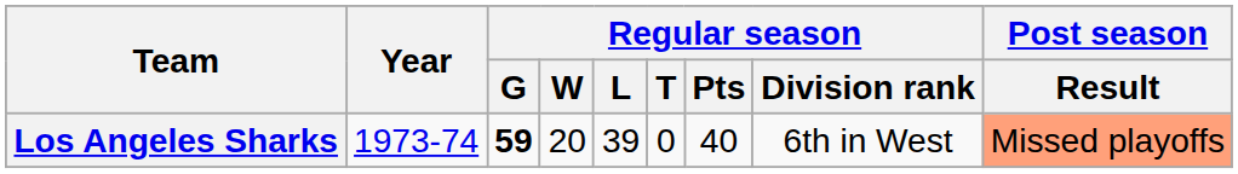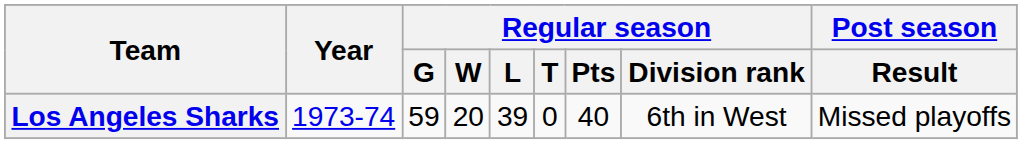 <table class="wikitable" style="font-size: 95%; text-align:center;">
 <tr>
 <th rowspan="2">Team</th>
 <th rowspan="2">Year</th>
 <th colspan="6"><a href='#'>Regular season</a></th>
 <th colspan="1"><a href='#'>Post season</a></th>
 </tr>
 <tr>
 <th>G</th>
 <th>W</th>
 <th>L</th>
 <th>T</th>
 <th>Pts</th>
 <th>Division rank</th>
 <th>Result</th>
 </tr>
 <tr>
 <th><a href='#'>Los Angeles Sharks</a></th>
 <td><a href='#'>1973-74</a></td>
-<td><strong>59</strong></td>
+<td>59</td>
 <td>20</td>
 <td>39</td>
 <td>0</td>
 <td>40</td>
 <td>6th in West</td>
-<td style="background: lightsalmon;">Missed playoffs</td>
+<td>Missed playoffs</td>
 </tr>
 </table>
